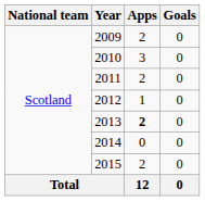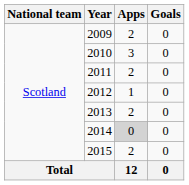 <table class=wikitable style="text-align: center;">
 <tr>
 <th>National team</th>
 <th>Year</th>
 <th>Apps</th>
 <th>Goals</th>
 </tr>
 <tr>
 <td rowspan="7"><a href='#'>Scotland</a></td>
 <td>2009</td>
 <td>2</td>
 <td>0</td>
 </tr>
 <tr>
 <td>2010</td>
 <td>3</td>
 <td>0</td>
 </tr>
 <tr>
 <td>2011</td>
 <td>2</td>
 <td>0</td>
 </tr>
 <tr>
 <td>2012</td>
 <td>1</td>
 <td>0</td>
 </tr>
 <tr>
 <td>2013</td>
-<td><strong>2</strong></td>
+<td>2</td>
 <td>0</td>
 </tr>
 <tr>
 <td>2014</td>
-<td>0</td>
+<td style="background: lightgrey;">0</td>
 <td>0</td>
 </tr>
 <tr>
 <td>2015</td>
 <td>2</td>
 <td>0</td>
 </tr>
 <tr>
 <th colspan="2">Total</th>
 <th>12</th>
 <th>0</th>
 </tr>
 </table>
